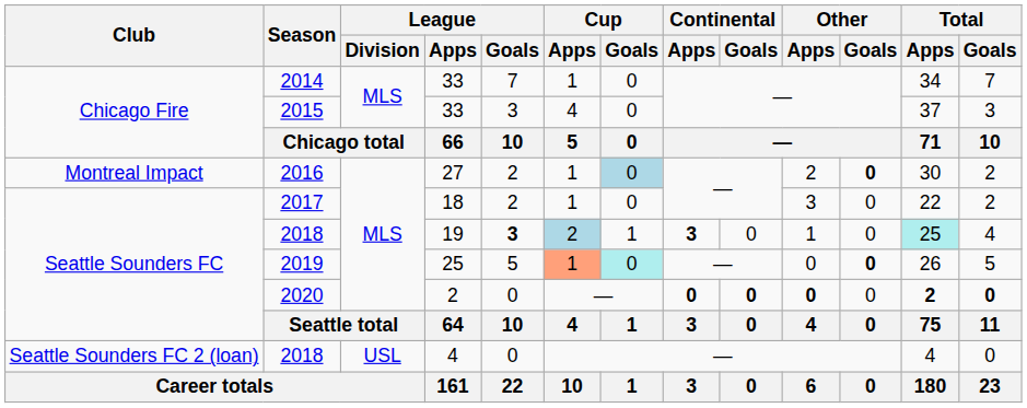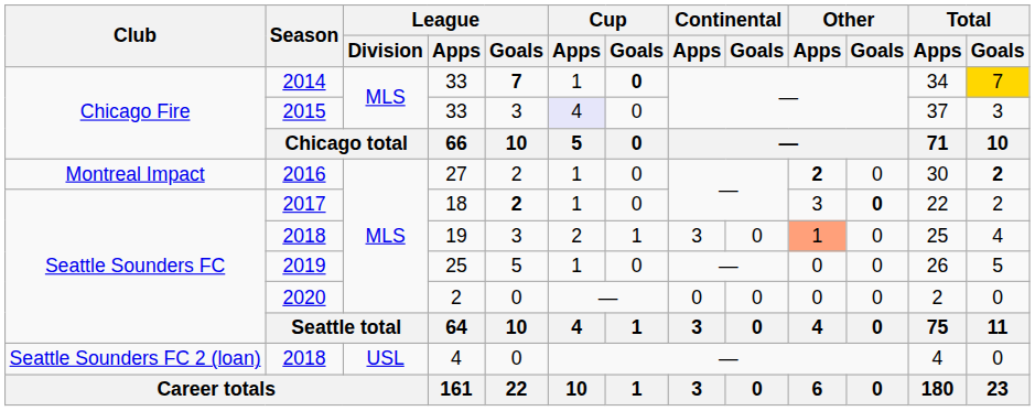 <table class="wikitable" style="text-align: center">
 <tr>
 <th rowspan="2">Club</th>
 <th rowspan="2">Season</th>
 <th colspan="3">League</th>
 <th colspan="2">Cup</th>
 <th colspan="2">Continental</th>
 <th colspan="2">Other</th>
 <th colspan="2">Total</th>
 </tr>
 <tr>
 <th>Division</th>
 <th>Apps</th>
 <th>Goals</th>
 <th>Apps</th>
 <th>Goals</th>
 <th>Apps</th>
 <th>Goals</th>
 <th>Apps</th>
 <th>Goals</th>
 <th>Apps</th>
 <th>Goals</th>
 </tr>
 <tr>
 <td rowspan="3"><a href='#'>Chicago Fire</a></td>
 <td><a href='#'>2014</a></td>
 <td rowspan="2"><a href='#'>MLS</a></td>
 <td>33</td>
-<td>7</td>
+<td><strong>7</strong></td>
 <td>1</td>
-<td>0</td>
+<td><strong>0</strong></td>
 <td rowspan="2" colspan="4">—</td>
 <td>34</td>
-<td>7</td>
+<td style="background: gold;">7</td>
 </tr>
 <tr>
 <td><a href='#'>2015</a></td>
 <td>33</td>
 <td>3</td>
-<td>4</td>
+<td style="background: lavender;">4</td>
 <td>0</td>
 <td>37</td>
 <td>3</td>
 </tr>
 <tr>
 <th colspan="2">Chicago total</th>
 <th>66</th>
 <th>10</th>
 <th>5</th>
 <th>0</th>
 <th colspan="4">—</th>
 <th>71</th>
 <th>10</th>
 </tr>
 <tr>
 <td><a href='#'>Montreal Impact</a></td>
 <td><a href='#'>2016</a></td>
 <td rowspan="5"><a href='#'>MLS</a></td>
 <td>27</td>
 <td>2</td>
 <td>1</td>
-<td style="background: lightblue;">0</td>
+<td>0</td>
 <td rowspan="2" colspan="2">—</td>
-<td>2</td>
-<td><strong>0</strong></td>
+<td><strong>2</strong></td>
+<td>0</td>
 <td>30</td>
-<td>2</td>
+<td><strong>2</strong></td>
 </tr>
 <tr>
 <td rowspan="5"><a href='#'>Seattle Sounders FC</a></td>
 <td><a href='#'>2017</a></td>
 <td>18</td>
-<td>2</td>
+<td><strong>2</strong></td>
 <td>1</td>
 <td>0</td>
 <td>3</td>
-<td>0</td>
+<td><strong>0</strong></td>
 <td>22</td>
 <td>2</td>
 </tr>
 <tr>
 <td><a href='#'>2018</a></td>
 <td>19</td>
-<td><strong>3</strong></td>
-<td style="background: lightblue;">2</td>
+<td>3</td>
+<td>2</td>
 <td>1</td>
-<td><strong>3</strong></td>
+<td>3</td>
 <td>0</td>
-<td>1</td>
+<td style="background: lightsalmon;">1</td>
 <td>0</td>
-<td style="background: paleturquoise;">25</td>
+<td>25</td>
 <td>4</td>
 </tr>
 <tr>
 <td><a href='#'>2019</a></td>
 <td>25</td>
 <td>5</td>
-<td style="background: lightsalmon;">1</td>
-<td style="background: paleturquoise;">0</td>
+<td>1</td>
+<td>0</td>
 <td colspan="2">—</td>
 <td>0</td>
-<td><strong>0</strong></td>
+<td>0</td>
 <td>26</td>
 <td>5</td>
 </tr>
 <tr>
 <td><a href='#'>2020</a></td>
 <td>2</td>
 <td>0</td>
 <td colspan="2">—</td>
-<td><strong>0</strong></td>
-<td><strong>0</strong></td>
-<td><strong>0</strong></td>
 <td>0</td>
-<td><strong>2</strong></td>
-<td><strong>0</strong></td>
+<td>0</td>
+<td>0</td>
+<td>0</td>
+<td>2</td>
+<td>0</td>
 </tr>
 <tr>
 <th colspan="2">Seattle total</th>
 <th>64</th>
 <th>10</th>
 <th>4</th>
 <th>1</th>
 <th>3</th>
 <th>0</th>
 <th>4</th>
 <th>0</th>
 <th>75</th>
 <th>11</th>
 </tr>
 <tr>
 <td><a href='#'>Seattle Sounders FC 2 (loan)</a></td>
 <td><a href='#'>2018</a></td>
 <td><a href='#'>USL</a></td>
 <td>4</td>
 <td>0</td>
 <td colspan="6">—</td>
 <td>4</td>
 <td>0</td>
 </tr>
 <tr>
 <th colspan="3">Career totals</th>
 <th>161</th>
 <th>22</th>
 <th>10</th>
 <th>1</th>
 <th>3</th>
 <th>0</th>
 <th>6</th>
 <th>0</th>
 <th>180</th>
 <th>23</th>
 </tr>
 </table>
